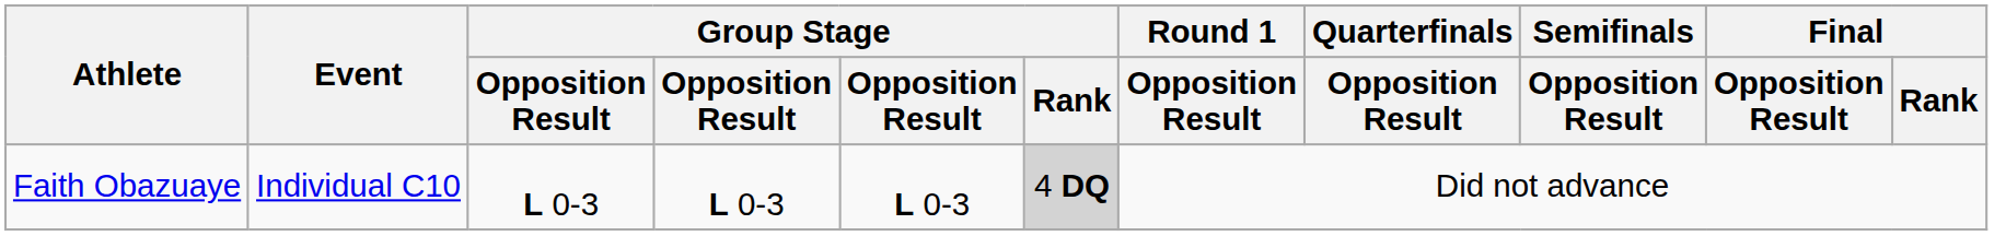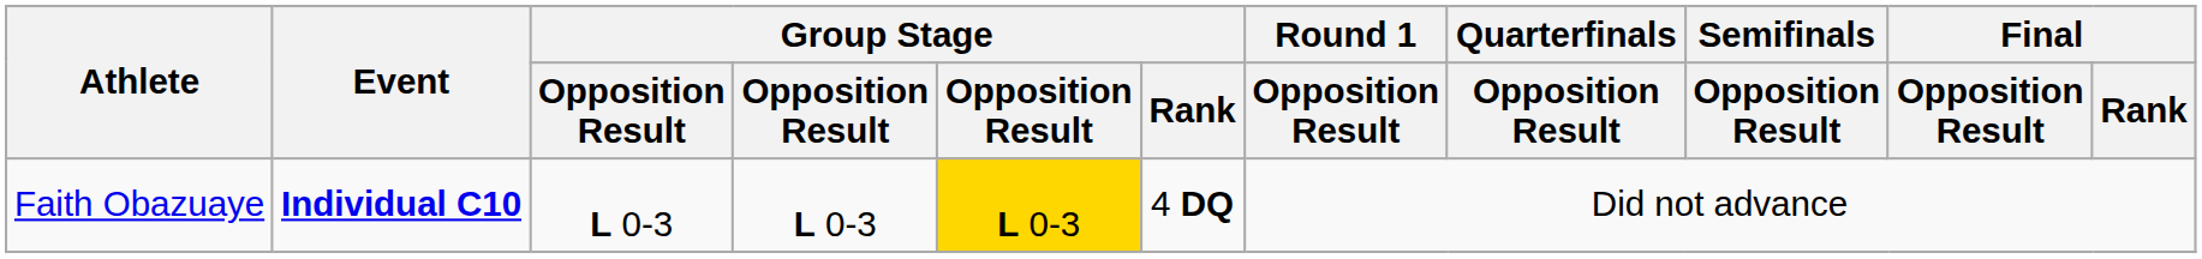 <table class=wikitable style="font-size:90%">
 <tr>
 <th rowspan="2">Athlete</th>
 <th rowspan="2">Event</th>
 <th colspan="4">Group Stage</th>
 <th>Round 1</th>
 <th>Quarterfinals</th>
 <th>Semifinals</th>
 <th colspan="2">Final</th>
 </tr>
 <tr>
 <th>Opposition<br>Result</th>
 <th>Opposition<br>Result</th>
 <th>Opposition<br>Result</th>
 <th>Rank</th>
 <th>Opposition<br>Result</th>
 <th>Opposition<br>Result</th>
 <th>Opposition<br>Result</th>
 <th>Opposition<br>Result</th>
 <th>Rank</th>
 </tr>
 <tr align=center>
 <td align=left><a href='#'>Faith Obazuaye</a></td>
-<td align=left><a href='#'>Individual C10</a></td>
+<td align=left><strong><a href='#'>Individual C10</a></strong></td>
 <td><br><strong>L</strong> 0-3</td>
 <td><br><strong>L</strong> 0-3</td>
-<td><br><strong>L</strong> 0-3</td>
-<td style="background: lightgrey;">4 <strong>DQ</strong></td>
+<td style="background: gold;"><br><strong>L</strong> 0-3</td>
+<td>4 <strong>DQ</strong></td>
 <td colspan="5">Did not advance</td>
 </tr>
 </table>
